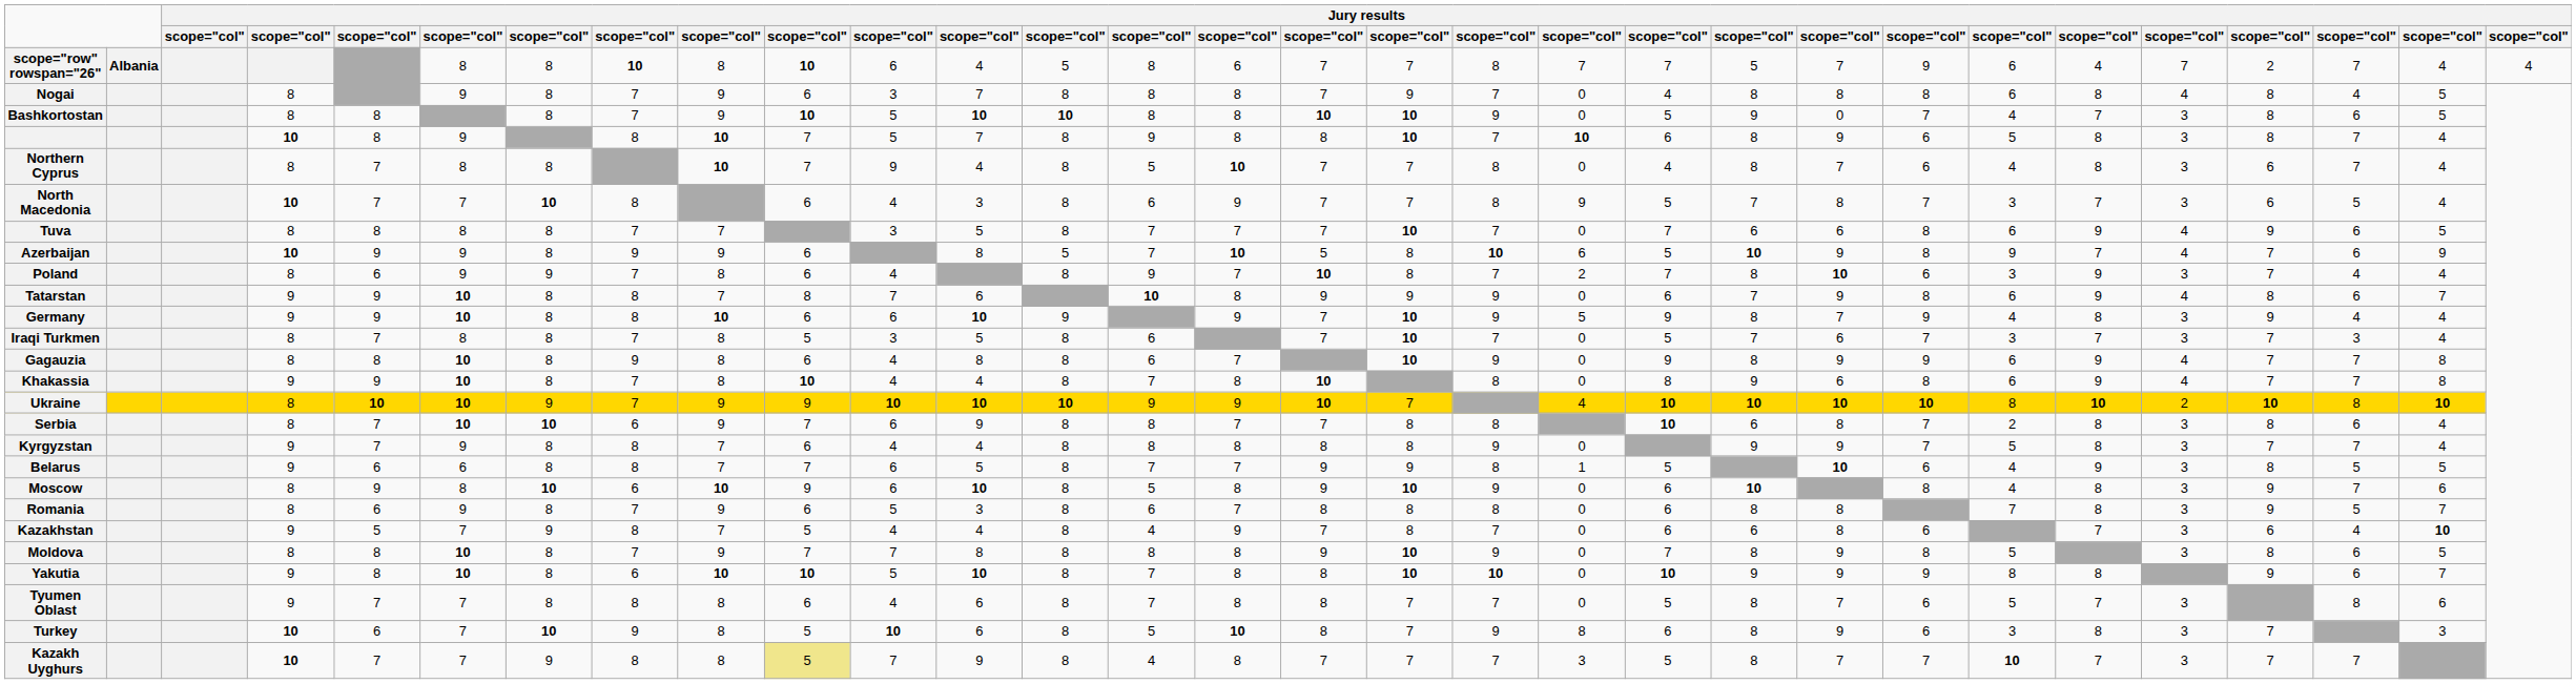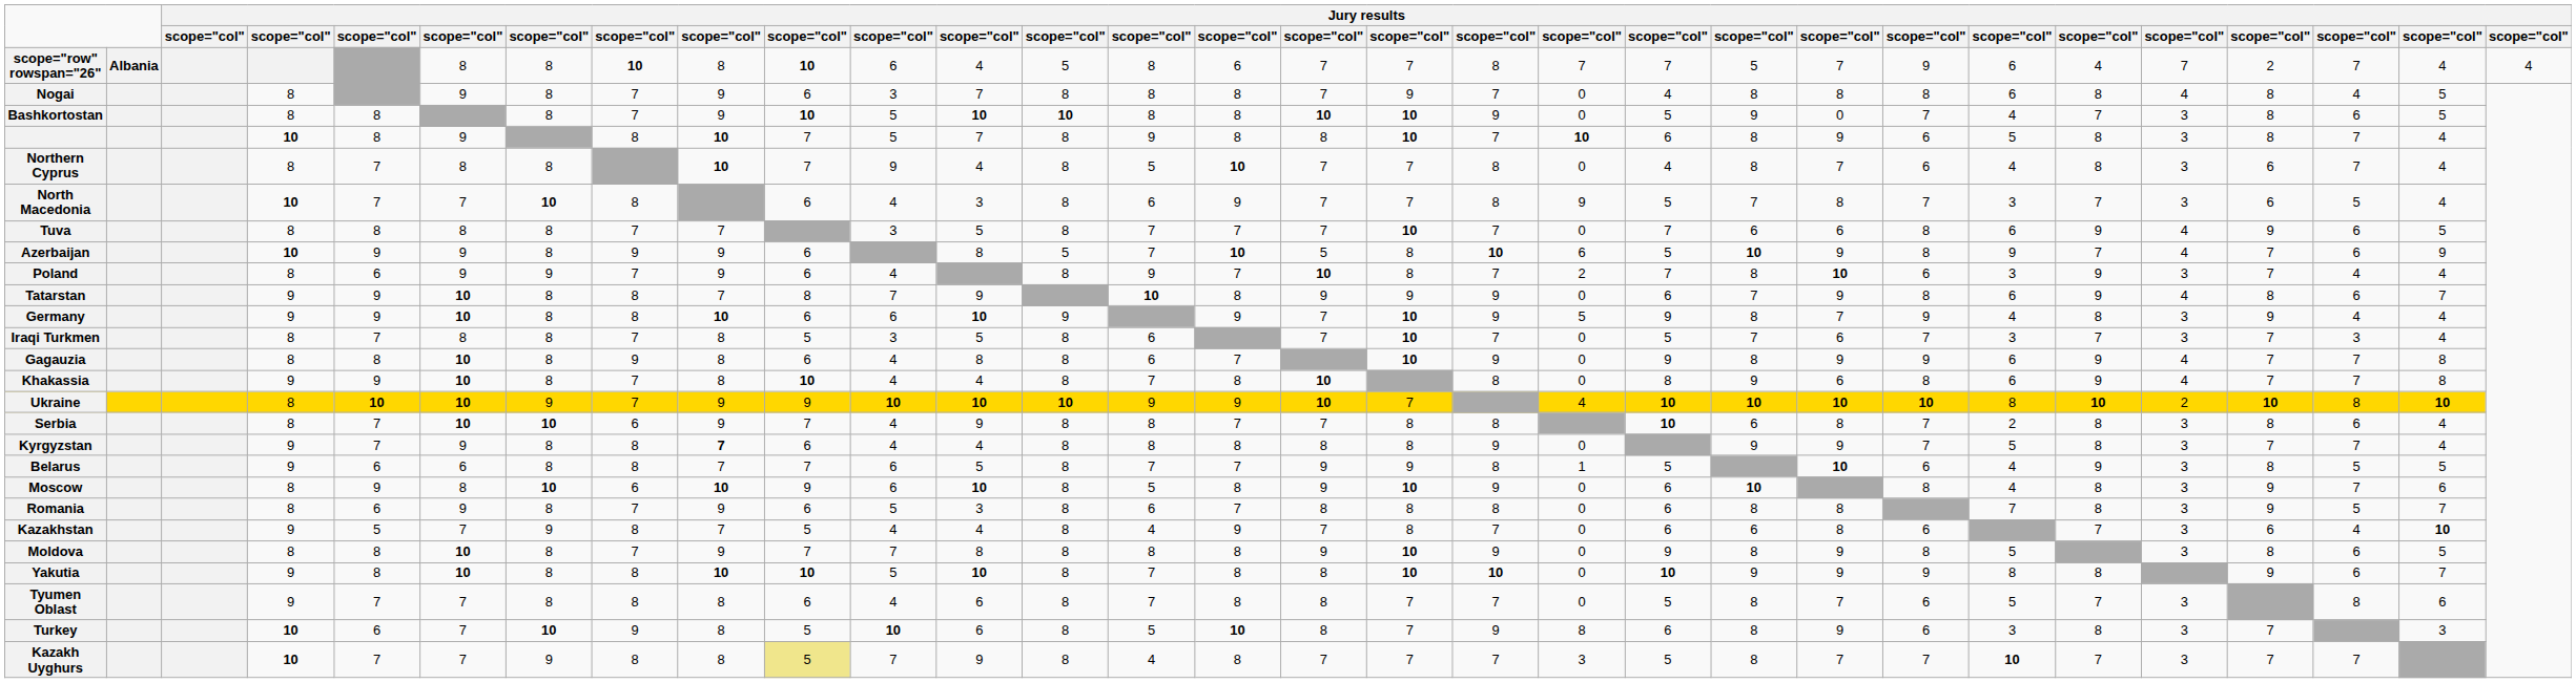 <table class="wikitable plainrowheaders" style="text-align:center;font-size:85%">
 <tr>
 <td colspan="2" rowspan="2"></td>
 <th scope="col" colspan="28">Jury results</th>
 </tr>
 <tr>
 <th>scope="col" </th>
 <th>scope="col" </th>
 <th>scope="col" </th>
 <th>scope="col" </th>
 <th>scope="col" </th>
 <th>scope="col" </th>
 <th>scope="col" </th>
 <th>scope="col" </th>
 <th>scope="col" </th>
 <th>scope="col" </th>
 <th>scope="col" </th>
 <th>scope="col" </th>
 <th>scope="col" </th>
 <th>scope="col" </th>
 <th>scope="col" </th>
 <th>scope="col" </th>
 <th>scope="col" </th>
 <th>scope="col" </th>
 <th>scope="col" </th>
 <th>scope="col" </th>
 <th>scope="col" </th>
 <th>scope="col" </th>
 <th>scope="col" </th>
 <th>scope="col" </th>
 <th>scope="col" </th>
 <th>scope="col" </th>
 <th>scope="col" </th>
 <th>scope="col" </th>
 </tr>
 <tr>
 <th>scope="row" rowspan="26" </th>
 <th scope="row">Albania</th>
 <td style="background:#f2f2f2"></td>
 <td style="background:#f2f2f2"></td>
 <td style="background:#aaa"></td>
 <td>8</td>
 <td>8</td>
 <td><strong>10</strong></td>
 <td>8</td>
 <td><strong>10</strong></td>
 <td>6</td>
 <td>4</td>
 <td>5</td>
 <td>8</td>
 <td>6</td>
 <td>7</td>
 <td>7</td>
 <td>8</td>
 <td>7</td>
 <td>7</td>
 <td>5</td>
 <td>7</td>
 <td>9</td>
 <td>6</td>
 <td>4</td>
 <td>7</td>
 <td>2</td>
 <td>7</td>
 <td>4</td>
 <td>4</td>
 </tr>
 <tr>
 <th scope="row">Nogai</th>
 <td style="background:#f2f2f2"></td>
 <td style="background:#f2f2f2"></td>
 <td>8</td>
 <td style="background:#aaa"></td>
 <td>9</td>
 <td>8</td>
 <td>7</td>
 <td>9</td>
 <td>6</td>
 <td>3</td>
 <td>7</td>
 <td>8</td>
 <td>8</td>
 <td>8</td>
 <td>7</td>
 <td>9</td>
 <td>7</td>
 <td>0</td>
 <td>4</td>
 <td>8</td>
 <td>8</td>
 <td>8</td>
 <td>6</td>
 <td>8</td>
 <td>4</td>
 <td>8</td>
 <td>4</td>
 <td>5</td>
 </tr>
 <tr>
 <th scope="row">Bashkortostan</th>
 <td style="background:#f2f2f2"></td>
 <td style="background:#f2f2f2"></td>
 <td>8</td>
 <td>8</td>
 <td style="background:#aaa"></td>
 <td>8</td>
 <td>7</td>
 <td>9</td>
 <td><strong>10</strong></td>
 <td>5</td>
 <td><strong>10</strong></td>
 <td><strong>10</strong></td>
 <td>8</td>
 <td>8</td>
 <td><strong>10</strong></td>
 <td><strong>10</strong></td>
 <td>9</td>
 <td>0</td>
 <td>5</td>
 <td>9</td>
 <td>0</td>
 <td>7</td>
 <td>4</td>
 <td>7</td>
 <td>3</td>
 <td>8</td>
 <td>6</td>
 <td>5</td>
 </tr>
 <tr>
 <th scope="row"></th>
 <td style="background:#f2f2f2"></td>
 <td style="background:#f2f2f2"></td>
 <td><strong>10</strong></td>
 <td>8</td>
 <td>9</td>
 <td style="background:#aaa"></td>
 <td>8</td>
 <td><strong>10</strong></td>
 <td>7</td>
 <td>5</td>
 <td>7</td>
 <td>8</td>
 <td>9</td>
 <td>8</td>
 <td>8</td>
 <td><strong>10</strong></td>
 <td>7</td>
 <td><strong>10</strong></td>
 <td>6</td>
 <td>8</td>
 <td>9</td>
 <td>6</td>
 <td>5</td>
 <td>8</td>
 <td>3</td>
 <td>8</td>
 <td>7</td>
 <td>4</td>
 </tr>
 <tr>
 <th scope="row">Northern Cyprus</th>
 <td style="background:#f2f2f2"></td>
 <td style="background:#f2f2f2"></td>
 <td>8</td>
 <td>7</td>
 <td>8</td>
 <td>8</td>
 <td style="background:#aaa"></td>
 <td><strong>10</strong></td>
 <td>7</td>
 <td>9</td>
 <td>4</td>
 <td>8</td>
 <td>5</td>
 <td><strong>10</strong></td>
 <td>7</td>
 <td>7</td>
 <td>8</td>
 <td>0</td>
 <td>4</td>
 <td>8</td>
 <td>7</td>
 <td>6</td>
 <td>4</td>
 <td>8</td>
 <td>3</td>
 <td>6</td>
 <td>7</td>
 <td>4</td>
 </tr>
 <tr>
 <th scope="row">North Macedonia</th>
 <td style="background:#f2f2f2"></td>
 <td style="background:#f2f2f2"></td>
 <td><strong>10</strong></td>
 <td>7</td>
 <td>7</td>
 <td><strong>10</strong></td>
 <td>8</td>
 <td style="background:#aaa"></td>
 <td>6</td>
 <td>4</td>
 <td>3</td>
 <td>8</td>
 <td>6</td>
 <td>9</td>
 <td>7</td>
 <td>7</td>
 <td>8</td>
 <td>9</td>
 <td>5</td>
 <td>7</td>
 <td>8</td>
 <td>7</td>
 <td>3</td>
 <td>7</td>
 <td>3</td>
 <td>6</td>
 <td>5</td>
 <td>4</td>
 </tr>
 <tr>
 <th scope="row">Tuva</th>
 <td style="background:#f2f2f2"></td>
 <td style="background:#f2f2f2"></td>
 <td>8</td>
 <td>8</td>
 <td>8</td>
 <td>8</td>
 <td>7</td>
 <td>7</td>
 <td style="background:#aaa"></td>
 <td>3</td>
 <td>5</td>
 <td>8</td>
 <td>7</td>
 <td>7</td>
 <td>7</td>
 <td><strong>10</strong></td>
 <td>7</td>
 <td>0</td>
 <td>7</td>
 <td>6</td>
 <td>6</td>
 <td>8</td>
 <td>6</td>
 <td>9</td>
 <td>4</td>
 <td>9</td>
 <td>6</td>
 <td>5</td>
 </tr>
 <tr>
 <th scope="row">Azerbaijan</th>
 <td style="background:#f2f2f2"></td>
 <td style="background:#f2f2f2"></td>
 <td><strong>10</strong></td>
 <td>9</td>
 <td>9</td>
 <td>8</td>
 <td>9</td>
 <td>9</td>
 <td>6</td>
 <td style="background:#aaa"></td>
 <td>8</td>
 <td>5</td>
 <td>7</td>
 <td><strong>10</strong></td>
 <td>5</td>
 <td>8</td>
 <td><strong>10</strong></td>
 <td>6</td>
 <td>5</td>
 <td><strong>10</strong></td>
 <td>9</td>
 <td>8</td>
 <td>9</td>
 <td>7</td>
 <td>4</td>
 <td>7</td>
 <td>6</td>
 <td>9</td>
 </tr>
 <tr>
 <th scope="row">Poland</th>
 <td style="background:#f2f2f2"></td>
 <td style="background:#f2f2f2"></td>
 <td>8</td>
 <td>6</td>
 <td>9</td>
 <td>9</td>
 <td>7</td>
-<td>8</td>
+<td>9</td>
 <td>6</td>
 <td>4</td>
 <td style="background:#aaa"></td>
 <td>8</td>
 <td>9</td>
 <td>7</td>
 <td><strong>10</strong></td>
 <td>8</td>
 <td>7</td>
 <td>2</td>
 <td>7</td>
 <td>8</td>
 <td><strong>10</strong></td>
 <td>6</td>
 <td>3</td>
 <td>9</td>
 <td>3</td>
 <td>7</td>
 <td>4</td>
 <td>4</td>
 </tr>
 <tr>
 <th scope="row">Tatarstan</th>
 <td style="background:#f2f2f2"></td>
 <td style="background:#f2f2f2"></td>
 <td>9</td>
 <td>9</td>
 <td><strong>10</strong></td>
 <td>8</td>
 <td>8</td>
 <td>7</td>
 <td>8</td>
 <td>7</td>
-<td>6</td>
+<td>9</td>
 <td style="background:#aaa"></td>
 <td><strong>10</strong></td>
 <td>8</td>
 <td>9</td>
 <td>9</td>
 <td>9</td>
 <td>0</td>
 <td>6</td>
 <td>7</td>
 <td>9</td>
 <td>8</td>
 <td>6</td>
 <td>9</td>
 <td>4</td>
 <td>8</td>
 <td>6</td>
 <td>7</td>
 </tr>
 <tr>
 <th scope="row">Germany</th>
 <td style="background:#f2f2f2"></td>
 <td style="background:#f2f2f2"></td>
 <td>9</td>
 <td>9</td>
 <td><strong>10</strong></td>
 <td>8</td>
 <td>8</td>
 <td><strong>10</strong></td>
 <td>6</td>
 <td>6</td>
 <td><strong>10</strong></td>
 <td>9</td>
 <td style="background:#aaa"></td>
 <td>9</td>
 <td>7</td>
 <td><strong>10</strong></td>
 <td>9</td>
 <td>5</td>
 <td>9</td>
 <td>8</td>
 <td>7</td>
 <td>9</td>
 <td>4</td>
 <td>8</td>
 <td>3</td>
 <td>9</td>
 <td>4</td>
 <td>4</td>
 </tr>
 <tr>
 <th scope="row">Iraqi Turkmen</th>
 <td style="background:#f2f2f2"></td>
 <td style="background:#f2f2f2"></td>
 <td>8</td>
 <td>7</td>
 <td>8</td>
 <td>8</td>
 <td>7</td>
 <td>8</td>
 <td>5</td>
 <td>3</td>
 <td>5</td>
 <td>8</td>
 <td>6</td>
 <td style="background:#aaa"></td>
 <td>7</td>
 <td><strong>10</strong></td>
 <td>7</td>
 <td>0</td>
 <td>5</td>
 <td>7</td>
 <td>6</td>
 <td>7</td>
 <td>3</td>
 <td>7</td>
 <td>3</td>
 <td>7</td>
 <td>3</td>
 <td>4</td>
 </tr>
 <tr>
 <th scope="row">Gagauzia</th>
 <td style="background:#f2f2f2"></td>
 <td style="background:#f2f2f2"></td>
 <td>8</td>
 <td>8</td>
 <td><strong>10</strong></td>
 <td>8</td>
 <td>9</td>
 <td>8</td>
 <td>6</td>
 <td>4</td>
 <td>8</td>
 <td>8</td>
 <td>6</td>
 <td>7</td>
 <td style="background:#aaa"></td>
 <td><strong>10</strong></td>
 <td>9</td>
 <td>0</td>
 <td>9</td>
 <td>8</td>
 <td>9</td>
 <td>9</td>
 <td>6</td>
 <td>9</td>
 <td>4</td>
 <td>7</td>
 <td>7</td>
 <td>8</td>
 </tr>
 <tr>
 <th scope="row">Khakassia</th>
 <td style="background:#f2f2f2"></td>
 <td style="background:#f2f2f2"></td>
 <td>9</td>
 <td>9</td>
 <td><strong>10</strong></td>
 <td>8</td>
 <td>7</td>
 <td>8</td>
 <td><strong>10</strong></td>
 <td>4</td>
 <td>4</td>
 <td>8</td>
 <td>7</td>
 <td>8</td>
 <td><strong>10</strong></td>
 <td style="background:#aaa"></td>
 <td>8</td>
 <td>0</td>
 <td>8</td>
 <td>9</td>
 <td>6</td>
 <td>8</td>
 <td>6</td>
 <td>9</td>
 <td>4</td>
 <td>7</td>
 <td>7</td>
 <td>8</td>
 </tr>
 <tr style="background:gold">
 <th scope="row">Ukraine</th>
 <td style="font-weight:bold"></td>
 <td style="font-weight:bold"></td>
 <td>8</td>
 <td><strong>10</strong></td>
 <td><strong>10</strong></td>
 <td>9</td>
 <td>7</td>
 <td>9</td>
 <td>9</td>
 <td><strong>10</strong></td>
 <td><strong>10</strong></td>
 <td><strong>10</strong></td>
 <td>9</td>
 <td>9</td>
 <td><strong>10</strong></td>
 <td>7</td>
 <td style="background:#aaa"></td>
 <td>4</td>
 <td><strong>10</strong></td>
 <td><strong>10</strong></td>
 <td><strong>10</strong></td>
 <td><strong>10</strong></td>
 <td>8</td>
 <td><strong>10</strong></td>
 <td>2</td>
 <td><strong>10</strong></td>
 <td>8</td>
 <td><strong>10</strong></td>
 </tr>
 <tr>
 <th scope="row">Serbia</th>
 <td style="background:#f2f2f2"></td>
 <td style="background:#f2f2f2"></td>
 <td>8</td>
 <td>7</td>
 <td><strong>10</strong></td>
 <td><strong>10</strong></td>
 <td>6</td>
 <td>9</td>
 <td>7</td>
-<td>6</td>
+<td>4</td>
 <td>9</td>
 <td>8</td>
 <td>8</td>
 <td>7</td>
 <td>7</td>
 <td>8</td>
 <td>8</td>
 <td style="background:#aaa"></td>
 <td><strong>10</strong></td>
 <td>6</td>
 <td>8</td>
 <td>7</td>
 <td>2</td>
 <td>8</td>
 <td>3</td>
 <td>8</td>
 <td>6</td>
 <td>4</td>
 </tr>
 <tr>
 <th scope="row">Kyrgyzstan</th>
 <td style="background:#f2f2f2"></td>
 <td style="background:#f2f2f2"></td>
 <td>9</td>
 <td>7</td>
 <td>9</td>
 <td>8</td>
 <td>8</td>
-<td>7</td>
+<td><strong>7</strong></td>
 <td>6</td>
 <td>4</td>
 <td>4</td>
 <td>8</td>
 <td>8</td>
 <td>8</td>
 <td>8</td>
 <td>8</td>
 <td>9</td>
 <td>0</td>
 <td style="background:#aaa"></td>
 <td>9</td>
 <td>9</td>
 <td>7</td>
 <td>5</td>
 <td>8</td>
 <td>3</td>
 <td>7</td>
 <td>7</td>
 <td>4</td>
 </tr>
 <tr>
 <th scope="row">Belarus</th>
 <td style="background:#f2f2f2"></td>
 <td style="background:#f2f2f2"></td>
 <td>9</td>
 <td>6</td>
 <td>6</td>
 <td>8</td>
 <td>8</td>
 <td>7</td>
 <td>7</td>
 <td>6</td>
 <td>5</td>
 <td>8</td>
 <td>7</td>
 <td>7</td>
 <td>9</td>
 <td>9</td>
 <td>8</td>
 <td>1</td>
 <td>5</td>
 <td style="background:#aaa"></td>
 <td><strong>10</strong></td>
 <td>6</td>
 <td>4</td>
 <td>9</td>
 <td>3</td>
 <td>8</td>
 <td>5</td>
 <td>5</td>
 </tr>
 <tr>
 <th scope="row">Moscow</th>
 <td style="background:#f2f2f2"></td>
 <td style="background:#f2f2f2"></td>
 <td>8</td>
 <td>9</td>
 <td>8</td>
 <td><strong>10</strong></td>
 <td>6</td>
 <td><strong>10</strong></td>
 <td>9</td>
 <td>6</td>
 <td><strong>10</strong></td>
 <td>8</td>
 <td>5</td>
 <td>8</td>
 <td>9</td>
 <td><strong>10</strong></td>
 <td>9</td>
 <td>0</td>
 <td>6</td>
 <td><strong>10</strong></td>
 <td style="background:#aaa"></td>
 <td>8</td>
 <td>4</td>
 <td>8</td>
 <td>3</td>
 <td>9</td>
 <td>7</td>
 <td>6</td>
 </tr>
 <tr>
 <th scope="row">Romania</th>
 <td style="background:#f2f2f2"></td>
 <td style="background:#f2f2f2"></td>
 <td>8</td>
 <td>6</td>
 <td>9</td>
 <td>8</td>
 <td>7</td>
 <td>9</td>
 <td>6</td>
 <td>5</td>
 <td>3</td>
 <td>8</td>
 <td>6</td>
 <td>7</td>
 <td>8</td>
 <td>8</td>
 <td>8</td>
 <td>0</td>
 <td>6</td>
 <td>8</td>
 <td>8</td>
 <td style="background:#aaa"></td>
 <td>7</td>
 <td>8</td>
 <td>3</td>
 <td>9</td>
 <td>5</td>
 <td>7</td>
 </tr>
 <tr>
 <th scope="row">Kazakhstan</th>
 <td style="background:#f2f2f2"></td>
 <td style="background:#f2f2f2"></td>
 <td>9</td>
 <td>5</td>
 <td>7</td>
 <td>9</td>
 <td>8</td>
 <td>7</td>
 <td>5</td>
 <td>4</td>
 <td>4</td>
 <td>8</td>
 <td>4</td>
 <td>9</td>
 <td>7</td>
 <td>8</td>
 <td>7</td>
 <td>0</td>
 <td>6</td>
 <td>6</td>
 <td>8</td>
 <td>6</td>
 <td style="background:#aaa"></td>
 <td>7</td>
 <td>3</td>
 <td>6</td>
 <td>4</td>
 <td><strong>10</strong></td>
 </tr>
 <tr>
 <th scope="row">Moldova</th>
 <td style="background:#f2f2f2"></td>
 <td style="background:#f2f2f2"></td>
 <td>8</td>
 <td>8</td>
 <td><strong>10</strong></td>
 <td>8</td>
 <td>7</td>
 <td>9</td>
 <td>7</td>
 <td>7</td>
 <td>8</td>
 <td>8</td>
 <td>8</td>
 <td>8</td>
 <td>9</td>
 <td><strong>10</strong></td>
 <td>9</td>
 <td>0</td>
-<td>7</td>
+<td>9</td>
 <td>8</td>
 <td>9</td>
 <td>8</td>
 <td>5</td>
 <td style="background:#aaa"></td>
 <td>3</td>
 <td>8</td>
 <td>6</td>
 <td>5</td>
 </tr>
 <tr>
 <th scope="row">Yakutia</th>
 <td style="background:#f2f2f2"></td>
 <td style="background:#f2f2f2"></td>
 <td>9</td>
 <td>8</td>
 <td><strong>10</strong></td>
 <td>8</td>
-<td>6</td>
+<td>8</td>
 <td><strong>10</strong></td>
 <td><strong>10</strong></td>
 <td>5</td>
 <td><strong>10</strong></td>
 <td>8</td>
 <td>7</td>
 <td>8</td>
 <td>8</td>
 <td><strong>10</strong></td>
 <td><strong>10</strong></td>
 <td>0</td>
 <td><strong>10</strong></td>
 <td>9</td>
 <td>9</td>
 <td>9</td>
 <td>8</td>
 <td>8</td>
 <td style="background:#aaa"></td>
 <td>9</td>
 <td>6</td>
 <td>7</td>
 </tr>
 <tr>
 <th scope="row">Tyumen Oblast</th>
 <td style="background:#f2f2f2"></td>
 <td style="background:#f2f2f2"></td>
 <td>9</td>
 <td>7</td>
 <td>7</td>
 <td>8</td>
 <td>8</td>
 <td>8</td>
 <td>6</td>
 <td>4</td>
 <td>6</td>
 <td>8</td>
 <td>7</td>
 <td>8</td>
 <td>8</td>
 <td>7</td>
 <td>7</td>
 <td>0</td>
 <td>5</td>
 <td>8</td>
 <td>7</td>
 <td>6</td>
 <td>5</td>
 <td>7</td>
 <td>3</td>
 <td style="background:#aaa"></td>
 <td>8</td>
 <td>6</td>
 </tr>
 <tr>
 <th scope="row">Turkey</th>
 <td style="background:#f2f2f2"></td>
 <td style="background:#f2f2f2"></td>
 <td><strong>10</strong></td>
 <td>6</td>
 <td>7</td>
 <td><strong>10</strong></td>
 <td>9</td>
 <td>8</td>
 <td>5</td>
 <td><strong>10</strong></td>
 <td>6</td>
 <td>8</td>
 <td>5</td>
 <td><strong>10</strong></td>
 <td>8</td>
 <td>7</td>
 <td>9</td>
 <td>8</td>
 <td>6</td>
 <td>8</td>
 <td>9</td>
 <td>6</td>
 <td>3</td>
 <td>8</td>
 <td>3</td>
 <td>7</td>
 <td style="background:#aaa"></td>
 <td>3</td>
 </tr>
 <tr>
 <th scope="row">Kazakh Uyghurs</th>
 <td style="background:#f2f2f2"></td>
 <td style="background:#f2f2f2"></td>
 <td><strong>10</strong></td>
 <td>7</td>
 <td>7</td>
 <td>9</td>
 <td>8</td>
 <td>8</td>
 <td style="background: khaki;">5</td>
 <td>7</td>
 <td>9</td>
 <td>8</td>
 <td>4</td>
 <td>8</td>
 <td>7</td>
 <td>7</td>
 <td>7</td>
 <td>3</td>
 <td>5</td>
 <td>8</td>
 <td>7</td>
 <td>7</td>
 <td><strong>10</strong></td>
 <td>7</td>
 <td>3</td>
 <td>7</td>
 <td>7</td>
 <td style="background:#aaa"></td>
 </tr>
 </table>
